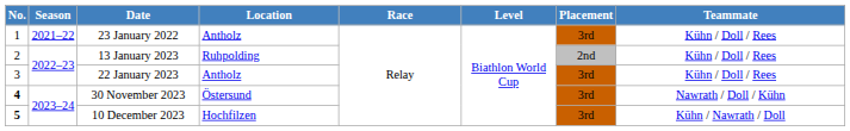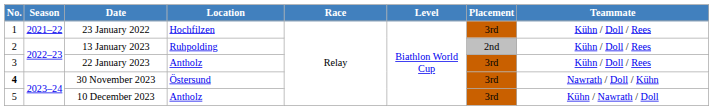 <table class="wikitable sortable" style="font-size:85%; text-align:center; border:grey solid 1px; border-collapse:collapse; background:#ffffff;">
 <tr style="background:#efefef;">
 <th style="background-color:#4180be; color:white;">No.</th>
 <th style="background-color:#4180be; color:white;">Season</th>
 <th style="background-color:#4180be; color:white; width:130px;">Date</th>
 <th style="background-color:#4180be; color:white; width:150px;">Location</th>
 <th style="background-color:#4180be; color:white; width:130px;">Race</th>
 <th style="background-color:#4180be; color:white; width:100px;">Level</th>
 <th style="background-color:#4180be; color:white; width:50px;">Placement</th>
 <th style="background-color:#4180be; color:white; width:250px;">Teammate</th>
 </tr>
 <tr>
 <td>1</td>
 <td><a href='#'>2021–22</a></td>
 <td>23 January 2022</td>
-<td align=left> <a href='#'>Antholz</a></td>
+<td align=left> <a href='#'>Hochfilzen</a></td>
 <td rowspan=5 align=center>Relay</td>
 <td rowspan=5><a href='#'>Biathlon World Cup</a></td>
 <td align=center bgcolor=#c96;>3rd</td>
 <td><a href='#'>Kühn</a> / <a href='#'>Doll</a> / <a href='#'>Rees</a></td>
 </tr>
 <tr>
 <td>2</td>
 <td rowspan=2><a href='#'>2022–23</a></td>
 <td>13 January 2023</td>
 <td align=left> <a href='#'>Ruhpolding</a></td>
 <td align=center bgcolor=silver>2nd</td>
 <td><a href='#'>Kühn</a> / <a href='#'>Doll</a> / <a href='#'>Rees</a></td>
 </tr>
 <tr>
 <td>3</td>
 <td>22 January 2023</td>
 <td align=left> <a href='#'>Antholz</a></td>
 <td align=center bgcolor=#c96;>3rd</td>
 <td><a href='#'>Kühn</a> / <a href='#'>Doll</a> / <a href='#'>Rees</a></td>
 </tr>
 <tr>
 <td><strong>4</strong></td>
 <td rowspan=2><a href='#'>2023–24</a></td>
 <td>30 November 2023</td>
 <td align=left> <a href='#'>Östersund</a></td>
 <td align=center bgcolor=#c96;>3rd</td>
 <td><a href='#'>Nawrath</a> / <a href='#'>Doll</a> / <a href='#'>Kühn</a></td>
 </tr>
 <tr>
-<td><strong>5</strong></td>
+<td>5</td>
 <td>10 December 2023</td>
-<td align=left> <a href='#'>Hochfilzen</a></td>
+<td align=left> <a href='#'>Antholz</a></td>
 <td align=center bgcolor=#c96;>3rd</td>
 <td><a href='#'>Kühn</a> / <a href='#'>Nawrath</a> / <a href='#'>Doll</a></td>
 </tr>
 </table>
